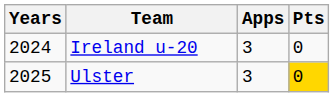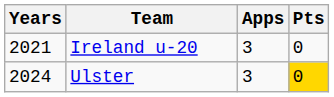 <table class="wikitable" style="text-align:left;">
 <tr>
 <th>Years</th>
 <th width=120px>Team</th>
 <th>Apps</th>
 <th>Pts</th>
 </tr>
 <tr>
-<td>2024</td>
+<td>2021</td>
 <td><a href='#'>Ireland u-20</a></td>
 <td>3</td>
 <td>0</td>
 </tr>
 <tr>
-<td>2025</td>
+<td>2024</td>
 <td><a href='#'>Ulster</a></td>
 <td>3</td>
 <td style="background: gold;">0</td>
 </tr>
 </table>
